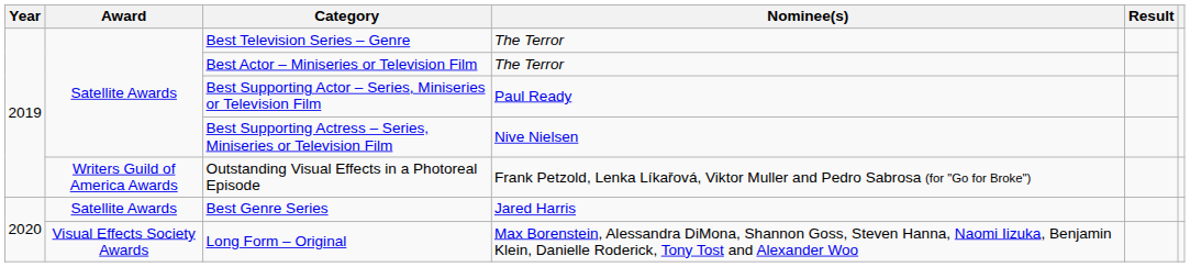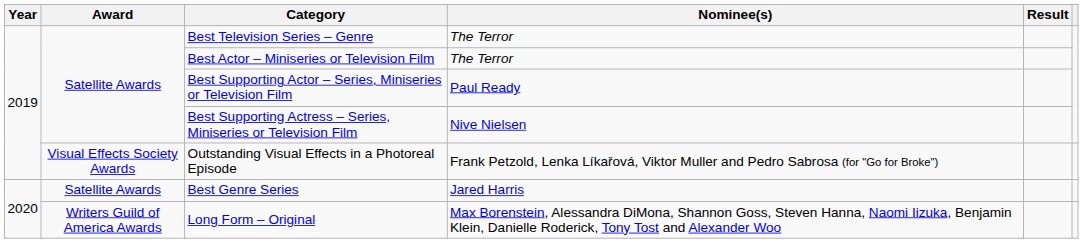 <table class="wikitable sortable" style="width:100%">
 <tr>
 <th scope="col">Year</th>
 <th scope="col">Award</th>
 <th scope="col">Category</th>
 <th scope="col">Nominee(s)</th>
 <th scope="col">Result</th>
 <th scope="col" class="unsortable"></th>
 </tr>
 <tr>
 <td align="center" rowspan="5">2019</td>
 <td align="center "rowspan="4"><a href='#'>Satellite Awards</a></td>
 <td><a href='#'>Best Television Series – Genre</a></td>
 <td><em>The Terror</em></td>
 <td></td>
 <td align="center" rowspan="4"></td>
 </tr>
 <tr>
 <td><a href='#'>Best Actor – Miniseries or Television Film</a></td>
 <td><em>The Terror</em></td>
 <td></td>
 </tr>
 <tr>
 <td><a href='#'>Best Supporting Actor – Series, Miniseries or Television Film</a></td>
 <td><a href='#'>Paul Ready</a></td>
 <td></td>
 </tr>
 <tr>
 <td><a href='#'>Best Supporting Actress – Series, Miniseries or Television Film</a></td>
 <td><a href='#'>Nive Nielsen</a></td>
 <td></td>
 </tr>
 <tr>
-<td align="center"><a href='#'>Writers Guild of America Awards</a></td>
+<td align="center"><a href='#'>Visual Effects Society Awards</a></td>
 <td>Outstanding Visual Effects in a Photoreal Episode</td>
 <td>Frank Petzold, Lenka Líkařová, Viktor Muller and Pedro Sabrosa <small>(for "Go for Broke")</small></td>
 <td></td>
 <td style="text-align:center;"></td>
 </tr>
 <tr>
 <td align="center" rowspan="2">2020</td>
 <td align="center"><a href='#'>Satellite Awards</a></td>
 <td><a href='#'>Best Genre Series</a></td>
 <td><a href='#'>Jared Harris</a></td>
 <td></td>
 <td align="center"></td>
 </tr>
 <tr>
-<td align="center"><a href='#'>Visual Effects Society Awards</a></td>
+<td align="center"><a href='#'>Writers Guild of America Awards</a></td>
 <td><a href='#'>Long Form – Original</a></td>
 <td><a href='#'>Max Borenstein</a>, Alessandra DiMona, Shannon Goss, Steven Hanna, <a href='#'>Naomi Iizuka</a>, Benjamin Klein, Danielle Roderick, <a href='#'>Tony Tost</a> and <a href='#'>Alexander Woo</a></td>
 <td></td>
 <td style="text-align:center;"></td>
 </tr>
 </table>
